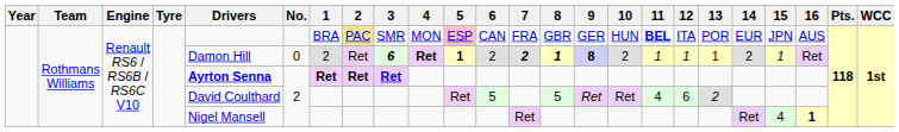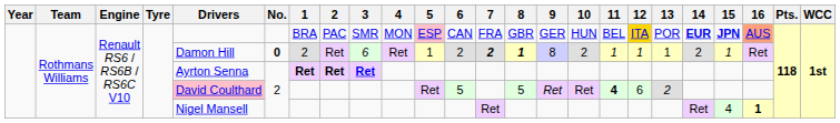 <table class="wikitable" style="text-align:center; font-size:95%">
 <tr>
 <th>Year</th>
 <th>Team</th>
 <th>Engine</th>
 <th>Tyre</th>
 <th>Drivers</th>
 <th>No.</th>
 <th>1</th>
 <th>2</th>
 <th>3</th>
 <th>4</th>
 <th>5</th>
 <th>6</th>
 <th>7</th>
 <th>8</th>
 <th>9</th>
 <th>10</th>
 <th>11</th>
 <th>12</th>
 <th>13</th>
 <th>14</th>
 <th>15</th>
 <th>16</th>
 <th>Pts.</th>
 <th>WCC</th>
 </tr>
 <tr>
 <td rowspan="5"></td>
 <td rowspan="5"><a href='#'>Rothmans</a> <a href='#'>Williams</a></td>
 <td rowspan="5"><a href='#'>Renault</a> <em>RS6</em> / <em>RS6B</em> / <em>RS6C</em><br><a href='#'>V10</a></td>
 <td rowspan="5"></td>
 <td></td>
 <td></td>
 <td><a href='#'>BRA</a></td>
-<td style="background: khaki;"><a href='#'>PAC</a></td>
+<td><a href='#'>PAC</a></td>
 <td><a href='#'>SMR</a></td>
 <td><a href='#'>MON</a></td>
 <td style="background: pink;"><a href='#'>ESP</a></td>
 <td><a href='#'>CAN</a></td>
 <td><a href='#'>FRA</a></td>
 <td><a href='#'>GBR</a></td>
 <td><a href='#'>GER</a></td>
 <td><a href='#'>HUN</a></td>
-<td><strong><a href='#'>BEL</a></strong></td>
-<td><a href='#'>ITA</a></td>
+<td><a href='#'>BEL</a></td>
+<td style="background: gold;"><a href='#'>ITA</a></td>
 <td><a href='#'>POR</a></td>
-<td><a href='#'>EUR</a></td>
-<td><a href='#'>JPN</a></td>
-<td><a href='#'>AUS</a></td>
+<td><strong><a href='#'>EUR</a></strong></td>
+<td><strong><a href='#'>JPN</a></strong></td>
+<td style="background: lightsalmon;"><a href='#'>AUS</a></td>
 <td rowspan="5" style="background:#ffffbf;"><strong>118</strong></td>
 <td rowspan="5" style="background:#ffffbf;"><strong>1st</strong></td>
 </tr>
 <tr>
 <td align="left"><a href='#'>Damon Hill</a></td>
-<td>0</td>
+<td><strong>0</strong></td>
 <td style="background:#dfdfdf;">2</td>
 <td style="background:#efcfff;">Ret</td>
-<td style="background:#dfffdf;"><strong><em>6</em></strong></td>
-<td style="background:#efcfff;"><strong>Ret</strong></td>
-<td style="background:#ffffbf;"><strong>1</strong></td>
+<td style="background:#dfffdf;"><em>6</em></td>
+<td style="background:#efcfff;">Ret</td>
+<td style="background:#ffffbf;">1</td>
 <td style="background:#dfdfdf;">2</td>
 <td style="background:#dfdfdf;"><strong><em>2</em></strong></td>
 <td style="background:#ffffbf;"><strong><em>1</em></strong></td>
-<td style="background:#cfcfff;"><strong>8</strong></td>
+<td style="background:#cfcfff;">8</td>
 <td style="background:#dfdfdf;">2</td>
 <td style="background:#ffffbf;"><em>1</em></td>
 <td style="background:#ffffbf;"><em>1</em></td>
 <td style="background:#ffffbf;">1</td>
 <td style="background:#dfdfdf;">2</td>
 <td style="background:#ffffbf;"><em>1</em></td>
 <td style="background:#efcfff;">Ret</td>
 </tr>
 <tr>
-<td align="left"><strong><a href='#'>Ayrton Senna</a></strong></td>
+<td align="left"><a href='#'>Ayrton Senna</a></td>
 <td rowspan="3">2</td>
 <td style="background:#efcfff;"><strong>Ret</strong></td>
 <td style="background:#efcfff;"><strong>Ret</strong></td>
 <td style="background:#efcfff;"><strong><a href='#'>Ret</a></strong></td>
 <td></td>
 <td></td>
 <td></td>
 <td></td>
 <td></td>
 <td></td>
 <td></td>
 <td></td>
 <td></td>
 <td></td>
 <td></td>
 <td></td>
 <td></td>
 </tr>
 <tr>
-<td align="left" nowrap><a href='#'>David Coulthard</a></td>
+<td align="left" nowrap style="background: pink;"><a href='#'>David Coulthard</a></td>
 <td></td>
 <td></td>
 <td></td>
 <td></td>
 <td style="background:#efcfff;">Ret</td>
 <td style="background:#dfffdf;">5</td>
 <td></td>
 <td style="background:#dfffdf;">5</td>
 <td style="background:#efcfff;"><em>Ret</em></td>
 <td style="background:#efcfff;">Ret</td>
-<td style="background:#dfffdf;">4</td>
+<td style="background:#dfffdf;"><strong>4</strong></td>
 <td style="background:#dfffdf;">6</td>
 <td style="background:#dfdfdf;"><em>2</em></td>
 <td></td>
 <td></td>
 <td></td>
 </tr>
 <tr>
 <td align="left"><a href='#'>Nigel Mansell</a></td>
 <td></td>
 <td></td>
 <td></td>
 <td></td>
 <td></td>
 <td></td>
 <td style="background:#efcfff;">Ret</td>
 <td></td>
 <td></td>
 <td></td>
 <td></td>
 <td></td>
 <td></td>
 <td style="background:#efcfff;">Ret</td>
 <td style="background:#dfffdf;">4</td>
 <td style="background:#ffffbf;"><strong>1</strong></td>
 </tr>
 </table>
